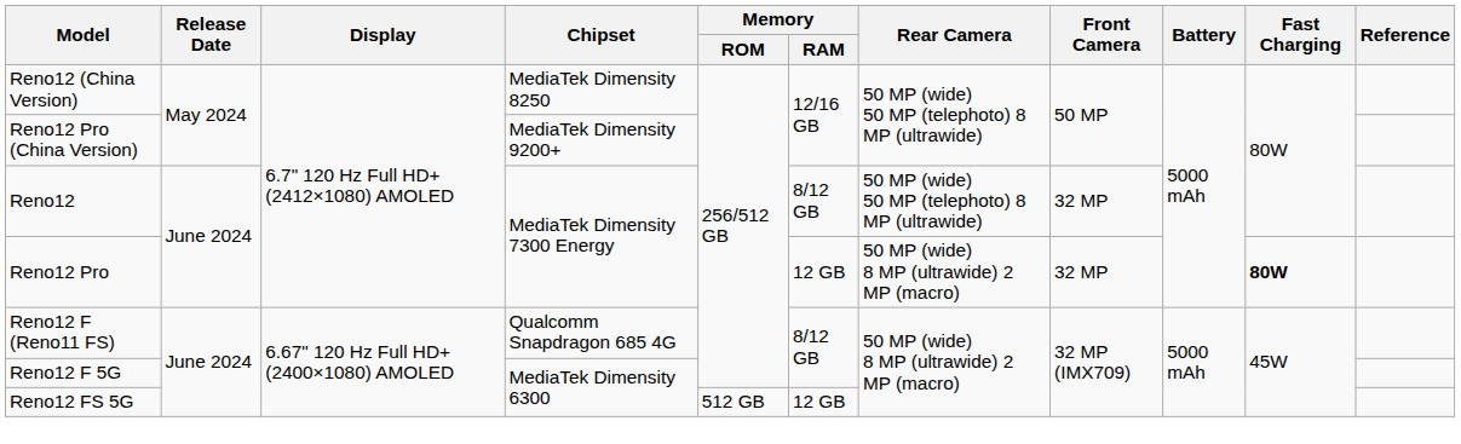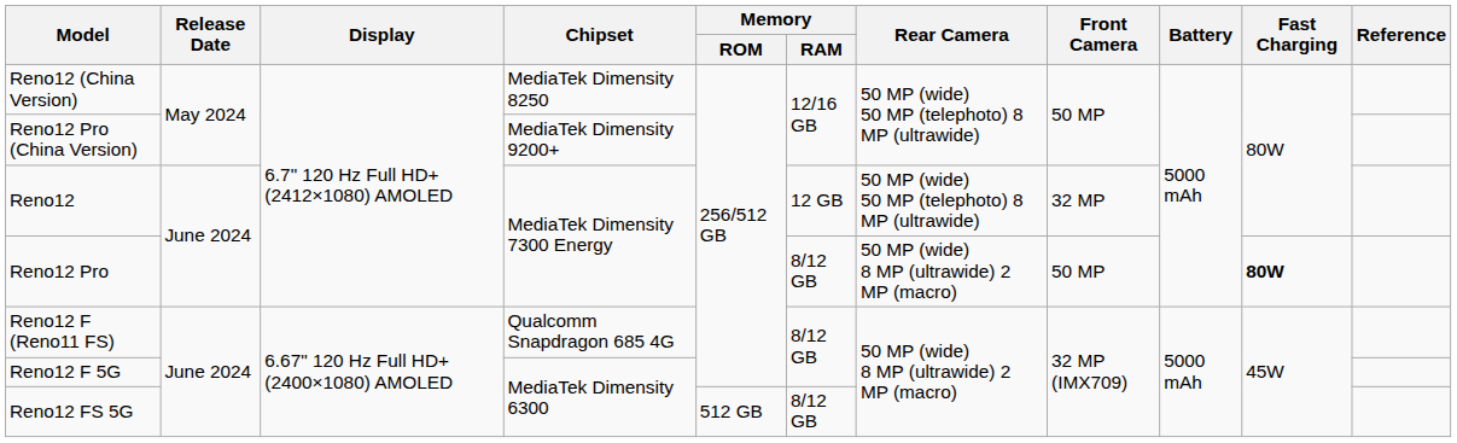 <table class="wikitable sortable">
 <tr>
 <th rowspan="2">Model</th>
 <th rowspan="2">Release Date</th>
 <th rowspan="2">Display</th>
 <th rowspan="2">Chipset</th>
 <th colspan="2">Memory</th>
 <th rowspan="2">Rear Camera</th>
 <th rowspan="2">Front Camera</th>
 <th rowspan="2">Battery</th>
 <th rowspan="2">Fast Charging</th>
 <th rowspan="2">Reference</th>
 </tr>
 <tr>
 <th>ROM</th>
 <th>RAM</th>
 </tr>
 <tr>
 <td>Reno12 (China Version)</td>
 <td rowspan="2">May 2024</td>
 <td rowspan="4">6.7" 120 Hz Full HD+ (2412×1080) AMOLED</td>
 <td>MediaTek Dimensity 8250</td>
 <td rowspan="6">256/512 GB</td>
 <td rowspan="2">12/16 GB</td>
 <td rowspan="2">50 MP (wide)<br>50 MP (telephoto) 8 MP (ultrawide)</td>
 <td rowspan="2">50 MP</td>
 <td rowspan="4">5000 mAh</td>
 <td rowspan="3">80W</td>
 <td></td>
 </tr>
 <tr>
 <td>Reno12 Pro (China Version)</td>
 <td>MediaTek Dimensity 9200+</td>
 <td></td>
 </tr>
 <tr>
 <td>Reno12</td>
 <td rowspan="2">June 2024</td>
 <td rowspan="2">MediaTek Dimensity 7300 Energy</td>
-<td>8/12 GB</td>
+<td>12 GB</td>
 <td>50 MP (wide)<br>50 MP (telephoto) 8 MP (ultrawide)</td>
 <td>32 MP</td>
 <td></td>
 </tr>
 <tr>
 <td>Reno12 Pro</td>
-<td>12 GB</td>
+<td>8/12 GB</td>
 <td>50 MP (wide)<br>8 MP (ultrawide) 2 MP (macro)</td>
-<td>32 MP</td>
+<td>50 MP</td>
 <td><strong>80W</strong></td>
 <td></td>
 </tr>
 <tr>
 <td>Reno12 F (Reno11 FS)</td>
 <td rowspan="3">June 2024</td>
 <td rowspan="3">6.67" 120 Hz Full HD+ (2400×1080) AMOLED</td>
 <td>Qualcomm Snapdragon 685 4G</td>
 <td rowspan="2">8/12 GB</td>
 <td rowspan="3">50 MP (wide)<br>8 MP (ultrawide) 2 MP (macro)</td>
 <td rowspan="3">32 MP (IMX709)</td>
 <td rowspan="3">5000 mAh</td>
 <td rowspan="3">45W</td>
 <td></td>
 </tr>
 <tr>
 <td>Reno12 F 5G</td>
 <td rowspan="2">MediaTek Dimensity 6300</td>
 <td></td>
 </tr>
 <tr>
 <td>Reno12 FS 5G</td>
 <td>512 GB</td>
-<td>12 GB</td>
+<td>8/12 GB</td>
 <td></td>
 </tr>
 </table>
